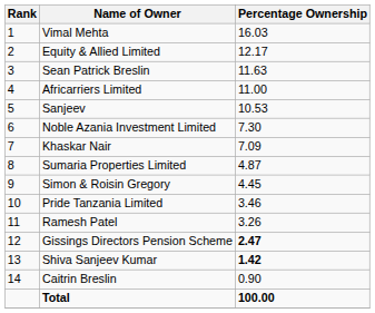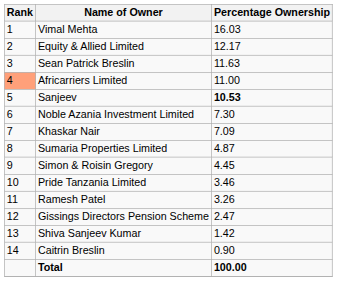 <table class="wikitable sortable" style="margin-left:auto;margin-right:auto">
 <tr>
 <th style="width:2em;">Rank</th>
 <th>Name of Owner</th>
 <th>Percentage Ownership</th>
 </tr>
 <tr>
 <td>1</td>
 <td>Vimal Mehta</td>
 <td>16.03</td>
 </tr>
 <tr>
 <td>2</td>
 <td>Equity & Allied Limited</td>
 <td>12.17</td>
 </tr>
 <tr>
 <td>3</td>
 <td>Sean Patrick Breslin</td>
 <td>11.63</td>
 </tr>
 <tr>
-<td>4</td>
+<td style="background: lightsalmon;">4</td>
 <td>Africarriers Limited</td>
 <td>11.00</td>
 </tr>
 <tr>
 <td>5</td>
 <td>Sanjeev</td>
-<td>10.53</td>
+<td><strong>10.53</strong></td>
 </tr>
 <tr>
 <td>6</td>
 <td>Noble Azania Investment Limited</td>
 <td>7.30</td>
 </tr>
 <tr>
 <td>7</td>
 <td>Khaskar Nair</td>
 <td>7.09</td>
 </tr>
 <tr>
 <td>8</td>
 <td>Sumaria Properties Limited</td>
 <td>4.87</td>
 </tr>
 <tr>
 <td>9</td>
 <td>Simon & Roisin Gregory</td>
 <td>4.45</td>
 </tr>
 <tr>
 <td>10</td>
 <td>Pride Tanzania Limited</td>
 <td>3.46</td>
 </tr>
 <tr>
 <td>11</td>
 <td>Ramesh Patel</td>
 <td>3.26</td>
 </tr>
 <tr>
 <td>12</td>
 <td>Gissings Directors Pension Scheme</td>
-<td><strong>2.47</strong></td>
+<td>2.47</td>
 </tr>
 <tr>
 <td>13</td>
 <td>Shiva Sanjeev Kumar</td>
-<td><strong>1.42</strong></td>
+<td>1.42</td>
 </tr>
 <tr>
 <td>14</td>
 <td>Caitrin Breslin</td>
 <td>0.90</td>
 </tr>
 <tr>
 <td></td>
 <td><strong>Total</strong></td>
 <td><strong>100.00</strong></td>
 </tr>
 <tr>
 </tr>
 </table>
